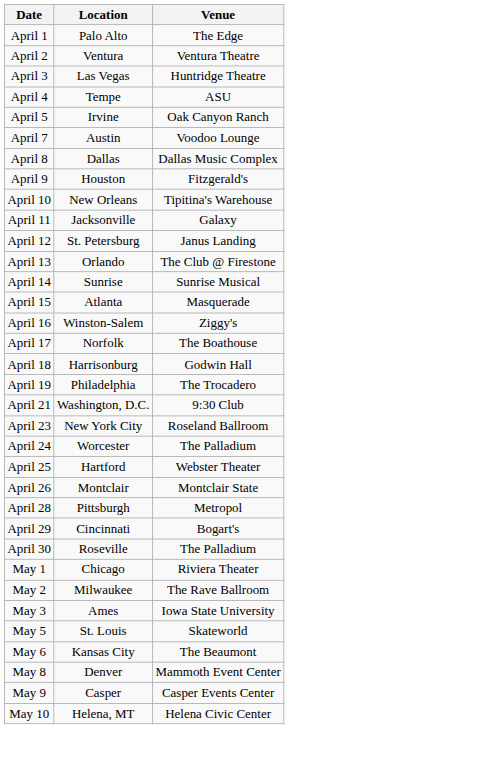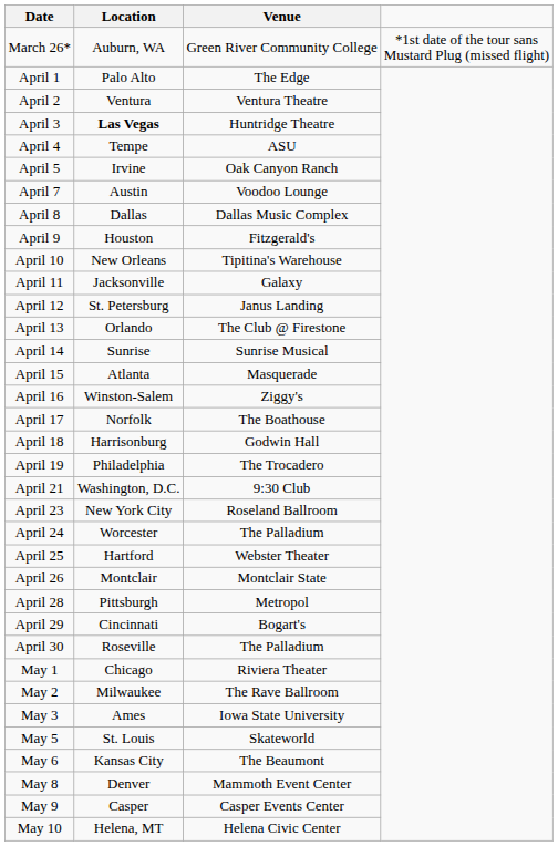 <table class="wikitable" style="text-align:center;">
 <tr>
 <th>Date</th>
 <th>Location</th>
 <th>Venue</th>
+</tr>
+<tr>
+<td>March 26*</td>
+<td>Auburn, WA</td>
+<td>Green River Community College</td>
+<td>*1st date of the tour sans<br>Mustard Plug  (missed flight)</td>
 </tr>
 <tr>
 <td>April 1</td>
 <td>Palo Alto</td>
 <td>The Edge</td>
 </tr>
 <tr>
 <td>April 2</td>
 <td>Ventura</td>
 <td>Ventura Theatre</td>
 </tr>
 <tr>
 <td>April 3</td>
-<td>Las Vegas</td>
+<td><strong>Las Vegas</strong></td>
 <td>Huntridge Theatre</td>
 </tr>
 <tr>
 <td>April 4</td>
 <td>Tempe</td>
 <td>ASU</td>
 </tr>
 <tr>
 <td>April 5</td>
 <td>Irvine</td>
 <td>Oak Canyon Ranch</td>
 </tr>
 <tr>
 <td>April 7</td>
 <td>Austin</td>
 <td>Voodoo Lounge</td>
 </tr>
 <tr>
 <td>April 8</td>
 <td>Dallas</td>
 <td>Dallas Music Complex</td>
 </tr>
 <tr>
 <td>April 9</td>
 <td>Houston</td>
 <td>Fitzgerald's</td>
 </tr>
 <tr>
 <td>April 10</td>
 <td>New Orleans</td>
 <td>Tipitina's Warehouse</td>
 </tr>
 <tr>
 <td>April 11</td>
 <td>Jacksonville</td>
 <td>Galaxy</td>
 </tr>
 <tr>
 <td>April 12</td>
 <td>St. Petersburg</td>
 <td>Janus Landing</td>
 </tr>
 <tr>
 <td>April 13</td>
 <td>Orlando</td>
 <td>The Club @ Firestone</td>
 </tr>
 <tr>
 <td>April 14</td>
 <td>Sunrise</td>
 <td>Sunrise Musical</td>
 </tr>
 <tr>
 <td>April 15</td>
 <td>Atlanta</td>
 <td>Masquerade</td>
 </tr>
 <tr>
 <td>April 16</td>
 <td>Winston-Salem</td>
 <td>Ziggy's</td>
 </tr>
 <tr>
 <td>April 17</td>
 <td>Norfolk</td>
 <td>The Boathouse</td>
 </tr>
 <tr>
 <td>April 18</td>
 <td>Harrisonburg</td>
 <td>Godwin Hall</td>
 </tr>
 <tr>
 <td>April 19</td>
 <td>Philadelphia</td>
 <td>The Trocadero</td>
 </tr>
 <tr>
 <td>April 21</td>
 <td>Washington, D.C.</td>
 <td>9:30 Club</td>
 </tr>
 <tr>
 <td>April 23</td>
 <td>New York City</td>
 <td>Roseland Ballroom</td>
 </tr>
 <tr>
 <td>April 24</td>
 <td>Worcester</td>
 <td>The Palladium</td>
 </tr>
 <tr>
 <td>April 25</td>
 <td>Hartford</td>
 <td>Webster Theater</td>
 </tr>
 <tr>
 <td>April 26</td>
 <td>Montclair</td>
 <td>Montclair State</td>
 </tr>
 <tr>
 <td>April 28</td>
 <td>Pittsburgh</td>
 <td>Metropol</td>
 </tr>
 <tr>
 <td>April 29</td>
 <td>Cincinnati</td>
 <td>Bogart's</td>
 </tr>
 <tr>
 <td>April 30</td>
 <td>Roseville</td>
 <td>The Palladium</td>
 </tr>
 <tr>
 <td>May 1</td>
 <td>Chicago</td>
 <td>Riviera Theater</td>
 </tr>
 <tr>
 <td>May 2</td>
 <td>Milwaukee</td>
 <td>The Rave Ballroom</td>
 </tr>
 <tr>
 <td>May 3</td>
 <td>Ames</td>
 <td>Iowa State University</td>
 </tr>
 <tr>
 <td>May 5</td>
 <td>St. Louis</td>
 <td>Skateworld</td>
 </tr>
 <tr>
 <td>May 6</td>
 <td>Kansas City</td>
 <td>The Beaumont</td>
 </tr>
 <tr>
 <td>May 8</td>
 <td>Denver</td>
 <td>Mammoth Event Center</td>
 </tr>
 <tr>
 <td>May 9</td>
 <td>Casper</td>
 <td>Casper Events Center</td>
 </tr>
 <tr>
 <td>May 10</td>
 <td>Helena, MT</td>
 <td>Helena Civic Center</td>
 </tr>
 </table>
